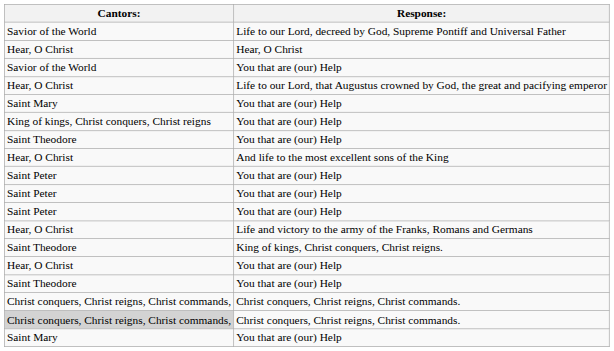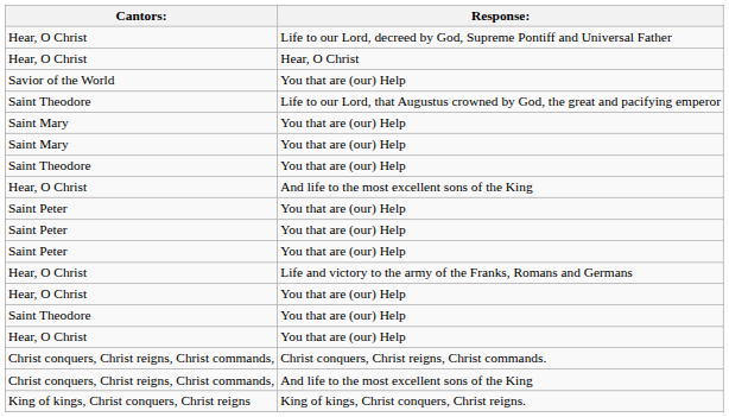 <table class="wikitable">
 <tr>
 <th>Cantors:</th>
 <th>Response:</th>
 </tr>
 <tr>
-<td>Savior of the World</td>
+<td>Hear, O Christ</td>
 <td>Life to our Lord, decreed by God, Supreme Pontiff and Universal Father</td>
 </tr>
 <tr>
 <td>Hear, O Christ</td>
 <td>Hear, O Christ</td>
 </tr>
 <tr>
 <td>Savior of the World</td>
 <td>You that are (our) Help</td>
 </tr>
 <tr>
-<td>Hear, O Christ</td>
+<td>Saint Theodore</td>
 <td>Life to our Lord, that Augustus crowned by God, the great and pacifying emperor</td>
 </tr>
 <tr>
 <td>Saint Mary</td>
 <td>You that are (our) Help</td>
 </tr>
 <tr>
-<td>King of kings, Christ conquers, Christ reigns</td>
+<td>Saint Mary</td>
 <td>You that are (our) Help</td>
 </tr>
 <tr>
 <td>Saint Theodore</td>
 <td>You that are (our) Help</td>
 </tr>
 <tr>
 <td>Hear, O Christ</td>
 <td>And life to the most excellent sons of the King</td>
 </tr>
 <tr>
 <td>Saint Peter</td>
 <td>You that are (our) Help</td>
 </tr>
 <tr>
 <td>Saint Peter</td>
 <td>You that are (our) Help</td>
 </tr>
 <tr>
 <td>Saint Peter</td>
 <td>You that are (our) Help</td>
 </tr>
 <tr>
 <td>Hear, O Christ</td>
 <td>Life and victory to the army of the Franks, Romans and Germans</td>
 </tr>
 <tr>
-<td>Saint Theodore</td>
-<td>King of kings, Christ conquers, Christ reigns.</td>
-</tr>
-<tr>
 <td>Hear, O Christ</td>
 <td>You that are (our) Help</td>
 </tr>
 <tr>
 <td>Saint Theodore</td>
 <td>You that are (our) Help</td>
 </tr>
 <tr>
+<td>Hear, O Christ</td>
+<td>You that are (our) Help</td>
+</tr>
+<tr>
 <td>Christ conquers, Christ reigns, Christ commands,</td>
 <td>Christ conquers, Christ reigns, Christ commands.</td>
 </tr>
 <tr>
-<td style="background: lightgrey;">Christ conquers, Christ reigns, Christ commands,</td>
-<td>Christ conquers, Christ reigns, Christ commands.</td>
+<td>Christ conquers, Christ reigns, Christ commands,</td>
+<td>And life to the most excellent sons of the King</td>
 </tr>
 <tr>
-<td>Saint Mary</td>
-<td>You that are (our) Help</td>
+<td>King of kings, Christ conquers, Christ reigns</td>
+<td>King of kings, Christ conquers, Christ reigns.</td>
 </tr>
 </table>
